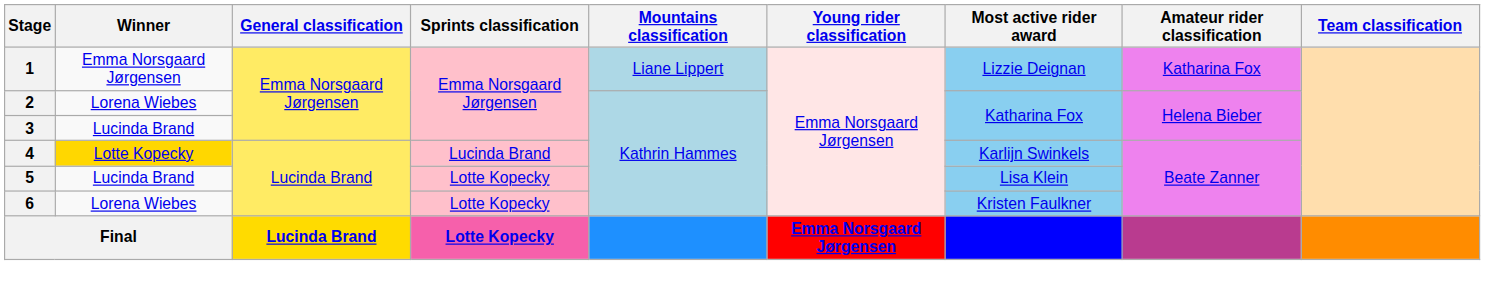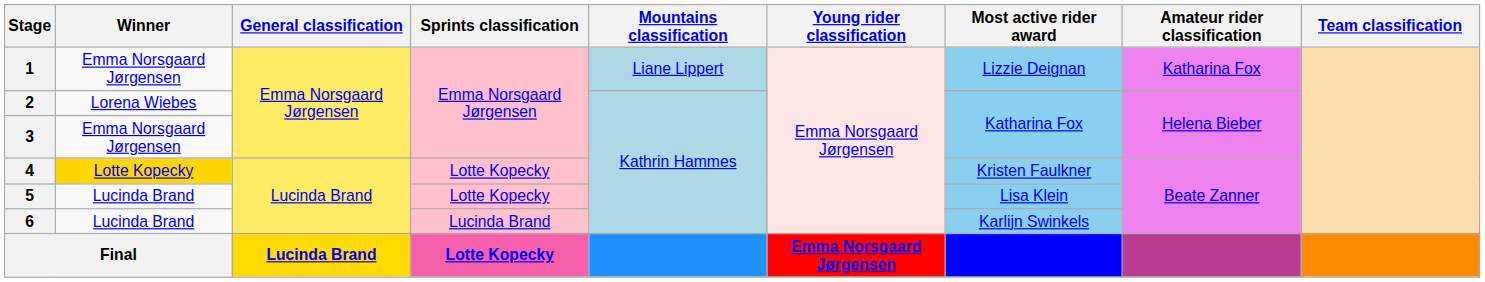 <table class="wikitable" style="text-align: center; font-size:smaller;">
 <tr style="background:#efefef;">
 <th width="2%">Stage</th>
 <th width="12.25%">Winner<br></th>
 <th width="12.25%"><a href='#'>General classification</a><br></th>
 <th width="12.25%">Sprints classification<br></th>
 <th width="12.25%"><a href='#'>Mountains classification</a><br></th>
 <th width="12.25%"><a href='#'>Young rider classification</a><br></th>
 <th width="12.25%">Most active rider award<br></th>
 <th width="12.25%">Amateur rider classification<br></th>
 <th width="12.25%"><a href='#'>Team classification</a></th>
 </tr>
 <tr>
 <th>1</th>
 <td><a href='#'>Emma Norsgaard Jørgensen</a></td>
 <td style="background:#FFEB64;" rowspan="3"><a href='#'>Emma Norsgaard Jørgensen</a></td>
 <td style="background:pink;" rowspan="3"><a href='#'>Emma Norsgaard Jørgensen</a></td>
 <td style="background:lightblue;"><a href='#'>Liane Lippert</a></td>
 <td style="background:#FFE6E6;" rowspan="6"><a href='#'>Emma Norsgaard Jørgensen</a></td>
 <td style="background:#89CFF0;"><a href='#'>Lizzie Deignan</a></td>
 <td style="background:violet;"><a href='#'>Katharina Fox</a></td>
 <td style="background:navajowhite;" rowspan="6"></td>
 </tr>
 <tr>
 <th>2</th>
 <td><a href='#'>Lorena Wiebes</a></td>
 <td style="background:lightblue;" rowspan="5"><a href='#'>Kathrin Hammes</a></td>
 <td style="background:#89CFF0;" rowspan="2"><a href='#'>Katharina Fox</a></td>
 <td style="background:violet;" rowspan="2"><a href='#'>Helena Bieber</a></td>
 </tr>
 <tr>
 <th>3</th>
-<td><a href='#'>Lucinda Brand</a></td>
+<td><a href='#'>Emma Norsgaard Jørgensen</a></td>
 </tr>
 <tr>
 <th>4</th>
 <td style="background: gold;"><a href='#'>Lotte Kopecky</a></td>
 <td style="background:#FFEB64;" rowspan="3"><a href='#'>Lucinda Brand</a></td>
-<td style="background:pink;"><a href='#'>Lucinda Brand</a></td>
-<td style="background:#89CFF0;"><a href='#'>Karlijn Swinkels</a></td>
+<td style="background:pink;"><a href='#'>Lotte Kopecky</a></td>
+<td style="background:#89CFF0;"><a href='#'>Kristen Faulkner</a></td>
 <td style="background:violet;" rowspan="3"><a href='#'>Beate Zanner</a></td>
 </tr>
 <tr>
 <th>5</th>
 <td><a href='#'>Lucinda Brand</a></td>
 <td style="background:pink;"><a href='#'>Lotte Kopecky</a></td>
 <td style="background:#89CFF0;"><a href='#'>Lisa Klein</a></td>
 </tr>
 <tr>
 <th>6</th>
-<td><a href='#'>Lorena Wiebes</a></td>
-<td style="background:pink;"><a href='#'>Lotte Kopecky</a></td>
-<td style="background:#89CFF0;"><a href='#'>Kristen Faulkner</a></td>
+<td><a href='#'>Lucinda Brand</a></td>
+<td style="background:pink;"><a href='#'>Lucinda Brand</a></td>
+<td style="background:#89CFF0;"><a href='#'>Karlijn Swinkels</a></td>
 </tr>
 <tr>
 <th colspan="2">Final</th>
 <th style="background:#FFDB00;"><a href='#'>Lucinda Brand</a></th>
 <th style="background:#F660AB;"><a href='#'>Lotte Kopecky</a></th>
 <th style="background:dodgerblue;"></th>
 <th style="background:#f00;"><a href='#'>Emma Norsgaard Jørgensen</a></th>
 <th style="background:blue;"></th>
 <th style="background:#B93B8F;"></th>
 <th style="background:#FF8C00;"></th>
 </tr>
 </table>
